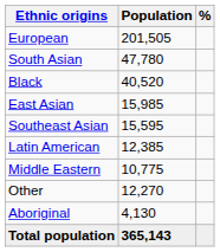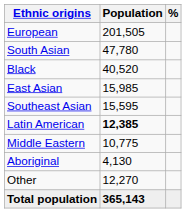 <table class="wikitable">
 <tr>
 <th><a href='#'>Ethnic origins</a></th>
 <th>Population</th>
 <th>%</th>
 </tr>
 <tr>
 <td><a href='#'>European</a></td>
 <td>201,505</td>
 <td></td>
 </tr>
 <tr>
 <td><a href='#'>South Asian</a></td>
 <td>47,780</td>
 <td></td>
 </tr>
 <tr>
 <td><a href='#'>Black</a></td>
 <td>40,520</td>
 <td></td>
 </tr>
 <tr>
 <td><a href='#'>East Asian</a></td>
 <td>15,985</td>
 <td></td>
 </tr>
 <tr>
 <td><a href='#'>Southeast Asian</a></td>
 <td>15,595</td>
 <td></td>
 </tr>
 <tr>
 <td><a href='#'>Latin American</a></td>
-<td>12,385</td>
+<td><strong>12,385</strong></td>
 <td></td>
 </tr>
 <tr>
 <td><a href='#'>Middle Eastern</a></td>
 <td>10,775</td>
 <td></td>
 </tr>
 <tr>
-<td>Other</td>
-<td>12,270</td>
+<td><a href='#'>Aboriginal</a></td>
+<td>4,130</td>
 <td></td>
 </tr>
 <tr>
-<td><a href='#'>Aboriginal</a></td>
-<td>4,130</td>
+<td>Other</td>
+<td>12,270</td>
 <td></td>
 </tr>
 <tr style="background:#efefef;">
 <td><strong>Total population</strong></td>
 <td><strong>365,143</strong></td>
 <td><strong></strong></td>
 </tr>
 </table>
